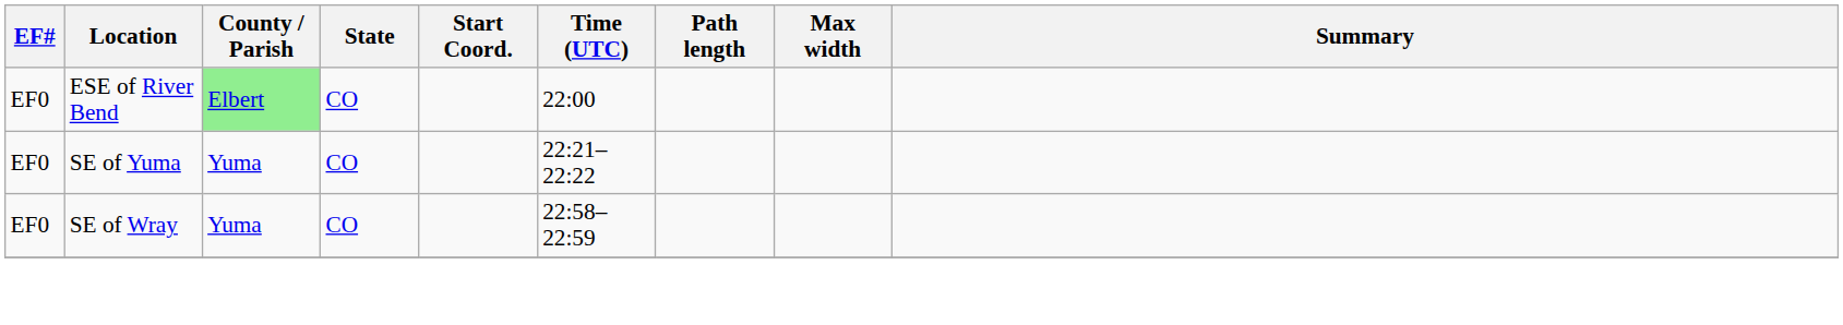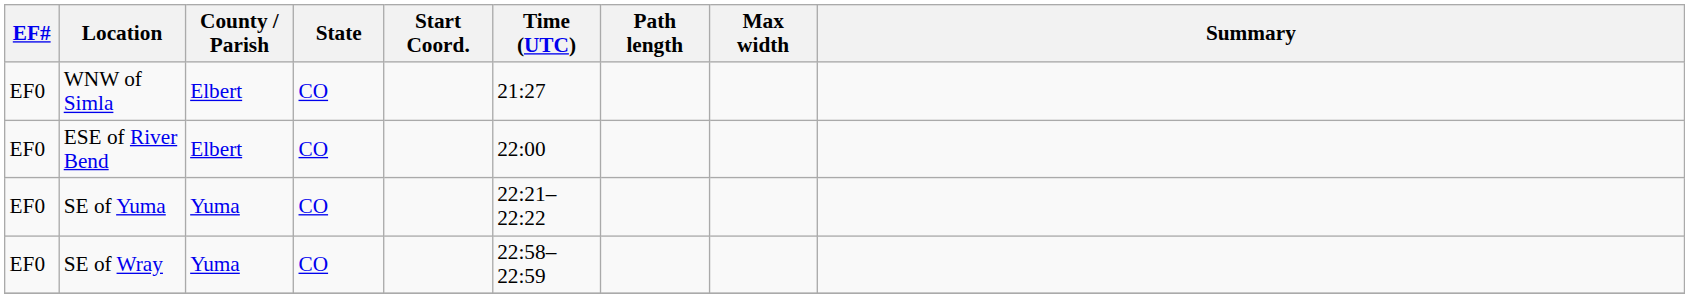 <table class="wikitable sortable" style="width:100%;">
 <tr>
 <th scope="col"  style="width:3%; text-align:center;"><a href='#'>EF#</a></th>
 <th scope="col"  style="width:7%; text-align:center;" class="unsortable">Location</th>
 <th scope="col"  style="width:6%; text-align:center;" class="unsortable">County / Parish</th>
 <th scope="col"  style="width:5%; text-align:center;">State</th>
 <th scope="col"  style="width:6%; text-align:center;">Start Coord.</th>
 <th scope="col"  style="width:6%; text-align:center;">Time (<a href='#'>UTC</a>)</th>
 <th scope="col"  style="width:6%; text-align:center;">Path length</th>
 <th scope="col"  style="width:6%; text-align:center;">Max width</th>
 <th scope="col" class="unsortable" style="width:48%; text-align:center;">Summary</th>
 </tr>
 <tr>
 <td>EF0</td>
+<td>WNW of <a href='#'>Simla</a></td>
+<td><a href='#'>Elbert</a></td>
+<td><a href='#'>CO</a></td>
+<td></td>
+<td>21:27</td>
+<td></td>
+<td></td>
+<td></td>
+</tr>
+<tr>
+<td>EF0</td>
 <td>ESE of <a href='#'>River Bend</a></td>
-<td style="background: lightgreen;"><a href='#'>Elbert</a></td>
+<td><a href='#'>Elbert</a></td>
 <td><a href='#'>CO</a></td>
 <td></td>
 <td>22:00</td>
 <td></td>
 <td></td>
 <td></td>
 </tr>
 <tr>
 <td>EF0</td>
 <td>SE of <a href='#'>Yuma</a></td>
 <td><a href='#'>Yuma</a></td>
 <td><a href='#'>CO</a></td>
 <td></td>
 <td>22:21–22:22</td>
 <td></td>
 <td></td>
 <td></td>
 </tr>
 <tr>
 <td>EF0</td>
 <td>SE of <a href='#'>Wray</a></td>
 <td><a href='#'>Yuma</a></td>
 <td><a href='#'>CO</a></td>
 <td></td>
 <td>22:58–22:59</td>
 <td></td>
 <td></td>
 <td></td>
 </tr>
 <tr>
 </tr>
 </table>
